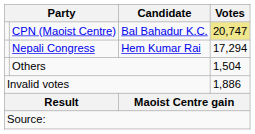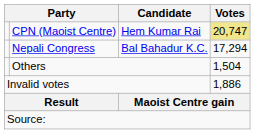 <table class="wikitable">
 <tr>
 <th colspan="2">Party</th>
 <th>Candidate</th>
 <th>Votes</th>
 </tr>
 <tr>
 <td style="background-color:"></td>
 <td><a href='#'>CPN (Maoist Centre)</a></td>
-<td><a href='#'>Bal Bahadur K.C.</a></td>
+<td><a href='#'>Hem Kumar Rai</a></td>
 <td style="background: khaki;">20,747</td>
 </tr>
 <tr>
 <td style="background-color:"></td>
 <td><a href='#'>Nepali Congress</a></td>
-<td><a href='#'>Hem Kumar Rai</a></td>
+<td><a href='#'>Bal Bahadur K.C.</a></td>
 <td>17,294</td>
 </tr>
 <tr>
 <td></td>
 <td colspan="2">Others</td>
 <td>1,504</td>
 </tr>
 <tr>
 <td colspan="3">Invalid votes</td>
 <td>1,886</td>
 </tr>
 <tr>
 <th colspan="2">Result</th>
 <th colspan="2">Maoist Centre gain</th>
 </tr>
 <tr>
 <td colspan="4">Source: </td>
 </tr>
 </table>
